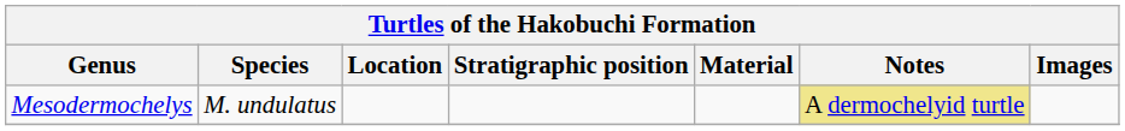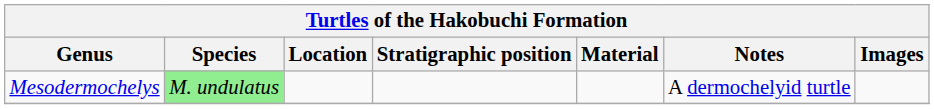 <table class="wikitable" align="center">
 <tr>
 <th colspan="7" align="center"><a href='#'>Turtles</a> of the Hakobuchi Formation</th>
 </tr>
 <tr>
 <th>Genus</th>
 <th>Species</th>
 <th>Location</th>
 <th>Stratigraphic position</th>
 <th>Material</th>
 <th>Notes</th>
 <th>Images</th>
 </tr>
 <tr>
 <td><em><a href='#'>Mesodermochelys</a></em></td>
-<td><em>M. undulatus</em></td>
+<td style="background: lightgreen;"><em>M. undulatus</em></td>
 <td></td>
 <td></td>
 <td></td>
-<td style="background: khaki;">A <a href='#'>dermochelyid</a> <a href='#'>turtle</a></td>
+<td>A <a href='#'>dermochelyid</a> <a href='#'>turtle</a></td>
 <td></td>
 </tr>
 <tr>
 </tr>
 </table>
